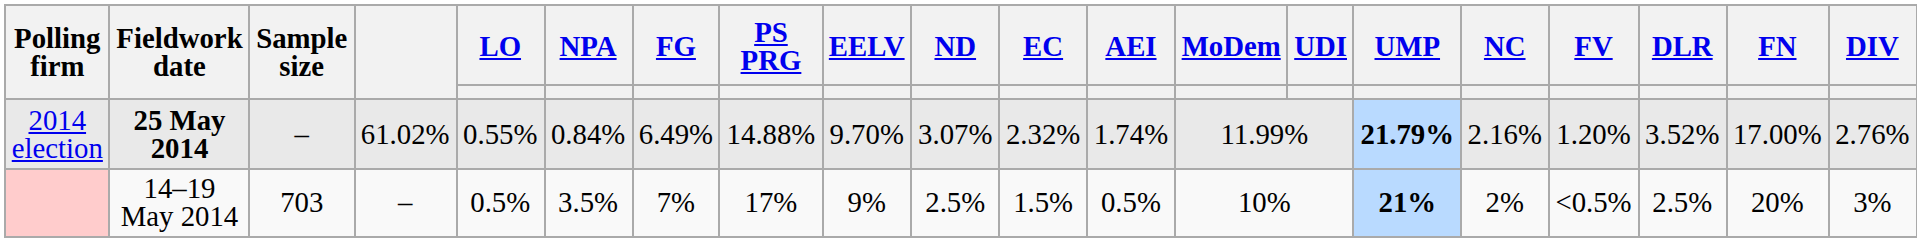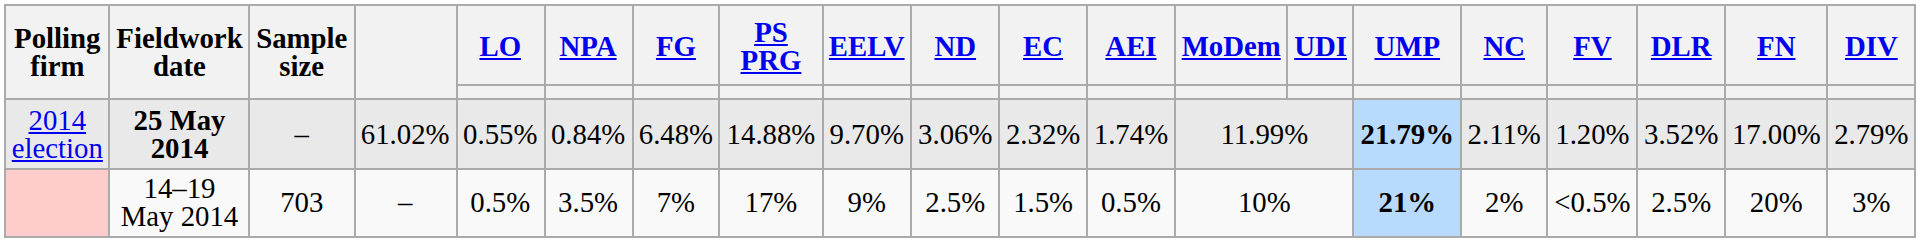 <table class="wikitable sortable" style="text-align:center;font-size:90%;line-height:14px;">
 <tr style="height:40px;">
 <th style="width:100px;" rowspan="2">Polling firm</th>
 <th style="width:110px;" rowspan="2">Fieldwork date</th>
 <th style="width:35px;" rowspan="2">Sample<br>size</th>
 <th style="width:30px;" rowspan="2"></th>
 <th class="unsortable" style="width:40px;"><a href='#'>LO</a></th>
 <th class="unsortable" style="width:40px;"><a href='#'>NPA</a></th>
 <th class="unsortable" style="width:40px;"><a href='#'>FG</a></th>
 <th class="unsortable" style="width:40px;"><a href='#'>PS</a><br><a href='#'>PRG</a></th>
 <th class="unsortable" style="width:40px;"><a href='#'>EELV</a></th>
 <th class="unsortable" style="width:40px;"><a href='#'>ND</a></th>
 <th class="unsortable" style="width:40px;"><a href='#'>EC</a></th>
 <th class="unsortable" style="width:40px;"><a href='#'>AEI</a></th>
 <th class="unsortable" style="width:40px;"><a href='#'>MoDem</a></th>
 <th class="unsortable" style="width:40px;"><a href='#'>UDI</a></th>
 <th class="unsortable" style="width:40px;"><a href='#'>UMP</a></th>
 <th class="unsortable" style="width:40px;"><a href='#'>NC</a></th>
 <th class="unsortable" style="width:40px;"><a href='#'>FV</a></th>
 <th class="unsortable" style="width:40px;"><a href='#'>DLR</a></th>
 <th class="unsortable" style="width:40px;"><a href='#'>FN</a></th>
 <th class="unsortable" style="width:40px;"><a href='#'>DIV</a></th>
 </tr>
 <tr>
 <th style="background:"></th>
 <th style="background:"></th>
 <th style="background:"></th>
 <th style="background:"></th>
 <th style="background:"></th>
 <th style="background:"></th>
 <th style="background:"></th>
 <th style="background:"></th>
 <th style="background:"></th>
 <th style="background:"></th>
 <th style="background:"></th>
 <th style="background:"></th>
 <th style="background:"></th>
 <th style="background:"></th>
 <th style="background:"></th>
 <th style="background:"></th>
 </tr>
 <tr style="background:#E9E9E9;">
 <td><a href='#'>2014 election</a></td>
 <td data-sort-value="2014-05-25"><strong>25 May 2014</strong></td>
 <td>–</td>
 <td>61.02%</td>
 <td>0.55%</td>
 <td>0.84%</td>
-<td>6.49%</td>
+<td>6.48%</td>
 <td>14.88%</td>
 <td>9.70%</td>
-<td>3.07%</td>
+<td>3.06%</td>
 <td>2.32%</td>
 <td>1.74%</td>
 <td colspan="2">11.99%</td>
 <td style="background:#B9DAFF;"><strong>21.79%</strong></td>
-<td>2.16%</td>
+<td>2.11%</td>
 <td>1.20%</td>
 <td>3.52%</td>
 <td>17.00%</td>
-<td>2.76%</td>
+<td>2.79%</td>
 </tr>
 <tr>
 <td style="background:#FFCCCC;"></td>
 <td data-sort-value="2014-05-19">14–19 May 2014</td>
 <td>703</td>
 <td>–</td>
 <td>0.5%</td>
 <td>3.5%</td>
 <td>7%</td>
 <td>17%</td>
 <td>9%</td>
 <td>2.5%</td>
 <td>1.5%</td>
 <td>0.5%</td>
 <td colspan="2">10%</td>
 <td style="background:#B9DAFF;"><strong>21%</strong></td>
 <td>2%</td>
 <td data-sort-value="0%"><0.5%</td>
 <td>2.5%</td>
 <td>20%</td>
 <td>3%</td>
 </tr>
 </table>
